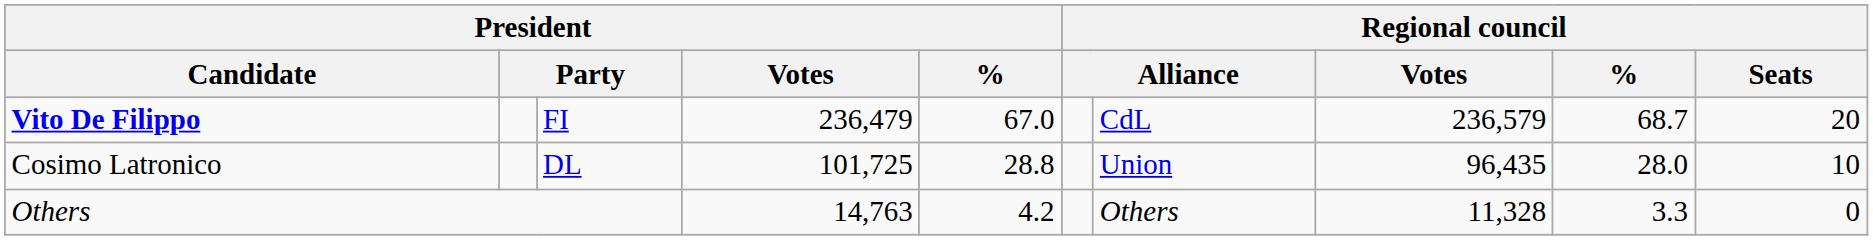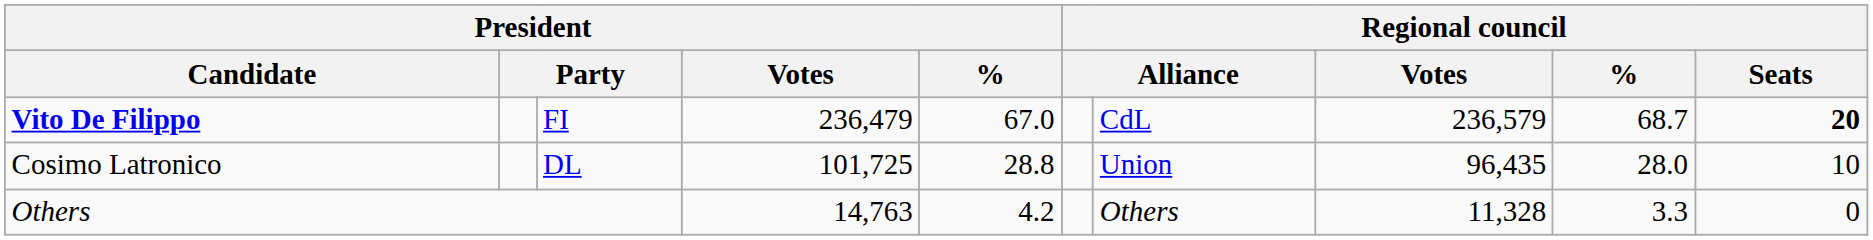 <table class="wikitable" style="text-align:right; style="width=65%">
 <tr>
 <th colspan="5">President</th>
 <th colspan="7">Regional council</th>
 </tr>
 <tr>
 <th>Candidate</th>
 <th colspan="2">Party</th>
 <th>Votes</th>
 <th>%</th>
 <th colspan="2">Alliance</th>
 <th>Votes</th>
 <th>%</th>
 <th>Seats</th>
 </tr>
 <tr>
 <td style="text-align:left"><strong><a href='#'>Vito De Filippo</a></strong></td>
 <td></td>
 <td style="text-align:left"><a href='#'>FI</a></td>
 <td>236,479</td>
 <td>67.0</td>
 <td></td>
 <td style="text-align:left"><a href='#'>CdL</a></td>
 <td>236,579</td>
 <td>68.7</td>
-<td>20</td>
+<td><strong>20</strong></td>
 </tr>
 <tr>
 <td style="text-align:left">Cosimo Latronico</td>
 <td></td>
 <td style="text-align:left"><a href='#'>DL</a></td>
 <td>101,725</td>
 <td>28.8</td>
 <td></td>
 <td style="text-align:left"><a href='#'>Union</a></td>
 <td>96,435</td>
 <td>28.0</td>
 <td>10</td>
 </tr>
 <tr>
 <td colspan="3" style="text-align:left"><em>Others</em></td>
 <td>14,763</td>
 <td>4.2</td>
 <td></td>
 <td style="text-align:left"><em>Others</em></td>
 <td>11,328</td>
 <td>3.3</td>
 <td>0</td>
 </tr>
 </table>
